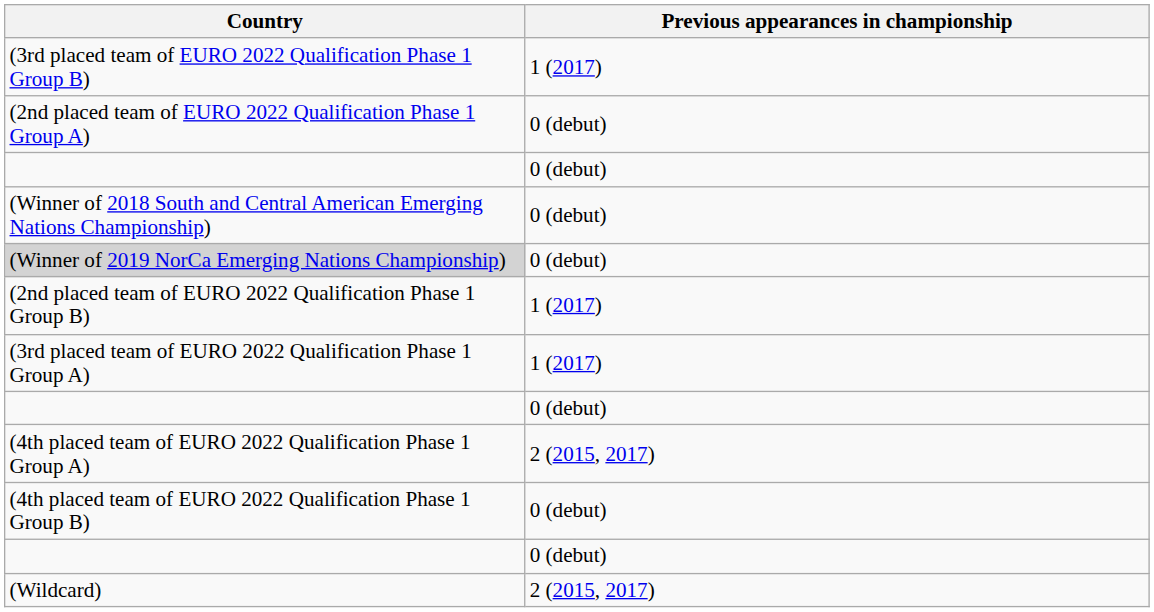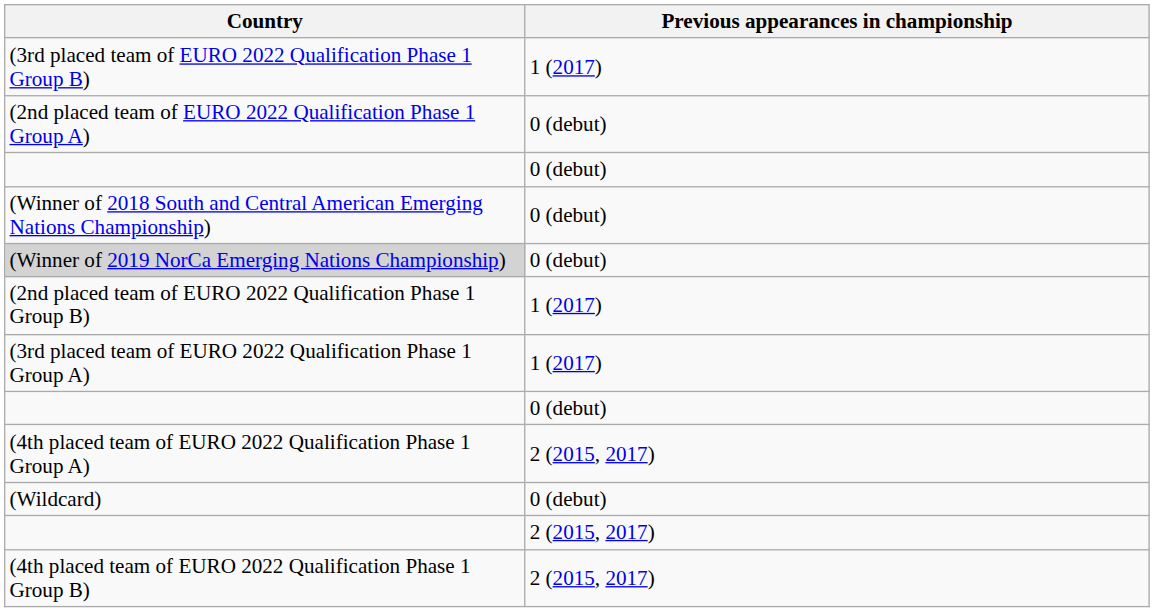 <table class="wikitable sortable">
 <tr>
 <th width=25%>Country</th>
 <th width=30%>Previous appearances in championship</th>
 </tr>
 <tr>
 <td> (3rd placed team of <a href='#'>EURO 2022 Qualification Phase 1 Group B</a>)</td>
 <td>1 (<a href='#'>2017</a>)</td>
 </tr>
 <tr>
 <td> (2nd placed team of <a href='#'>EURO 2022 Qualification Phase 1 Group A</a>)</td>
 <td>0 (debut)</td>
 </tr>
 <tr>
 <td></td>
 <td>0 (debut)</td>
 </tr>
 <tr>
 <td>  (Winner of <a href='#'>2018 South and Central American Emerging Nations Championship</a>)</td>
 <td>0 (debut)</td>
 </tr>
 <tr>
 <td style="background: lightgrey;"> (Winner of <a href='#'>2019 NorCa Emerging Nations Championship</a>)</td>
 <td>0 (debut)</td>
 </tr>
 <tr>
 <td> (2nd placed team of EURO 2022 Qualification Phase 1 Group B)</td>
 <td>1 (<a href='#'>2017</a>)</td>
 </tr>
 <tr>
 <td> (3rd placed team of EURO 2022 Qualification Phase 1 Group A)</td>
 <td>1 (<a href='#'>2017</a>)</td>
 </tr>
 <tr>
 <td></td>
 <td>0 (debut)</td>
 </tr>
 <tr>
 <td> (4th placed team of EURO 2022 Qualification Phase 1 Group A)</td>
 <td>2 (<a href='#'>2015</a>, <a href='#'>2017</a>)</td>
 </tr>
 <tr>
-<td> (4th placed team of EURO 2022 Qualification Phase 1 Group B)</td>
+<td> (Wildcard)</td>
 <td>0 (debut)</td>
 </tr>
 <tr>
 <td></td>
-<td>0 (debut)</td>
+<td>2 (<a href='#'>2015</a>, <a href='#'>2017</a>)</td>
 </tr>
 <tr>
-<td> (Wildcard)</td>
+<td> (4th placed team of EURO 2022 Qualification Phase 1 Group B)</td>
 <td>2 (<a href='#'>2015</a>, <a href='#'>2017</a>)</td>
 </tr>
 </table>
